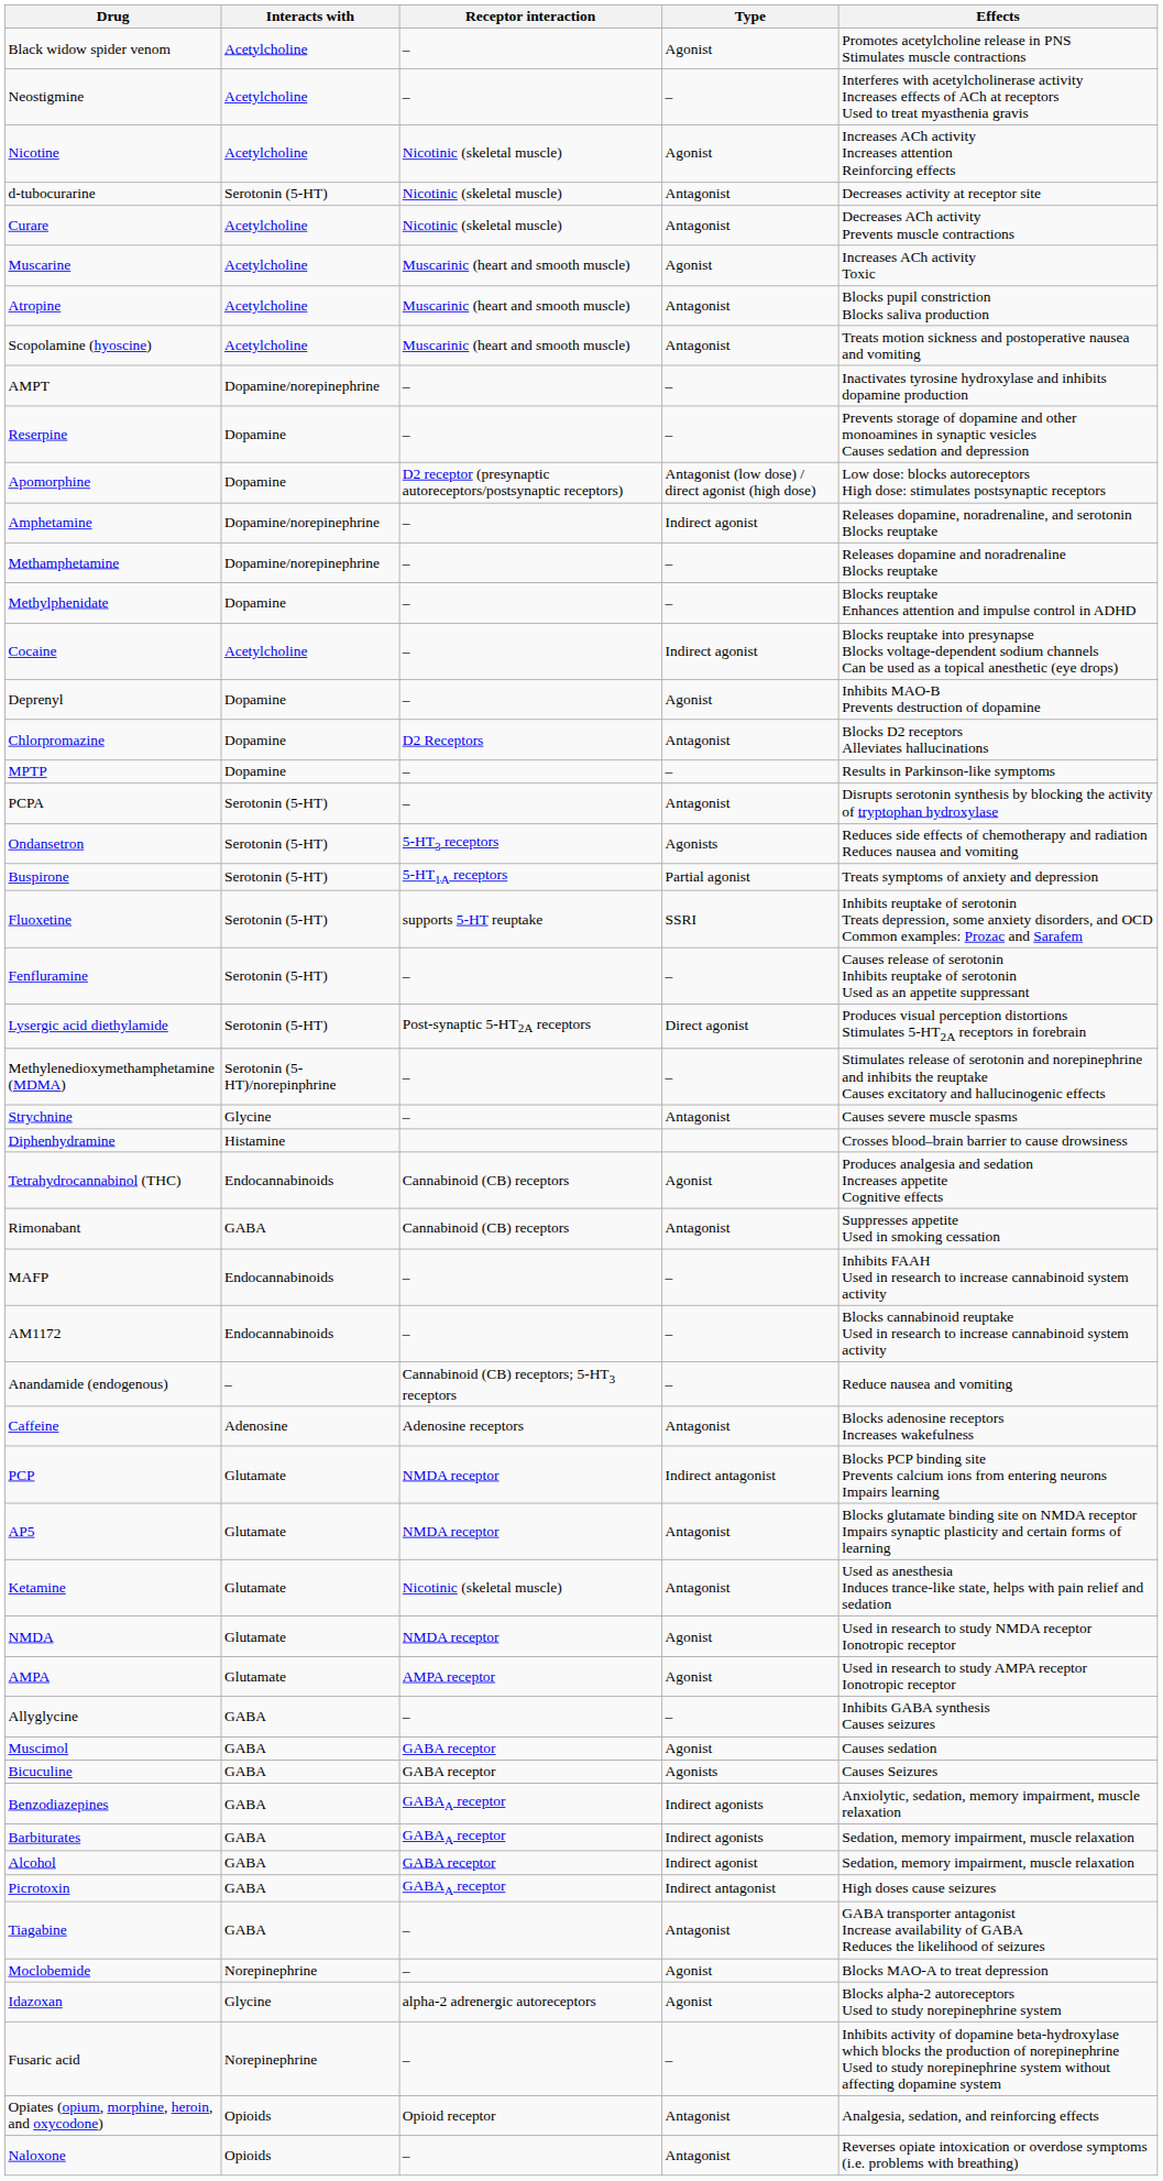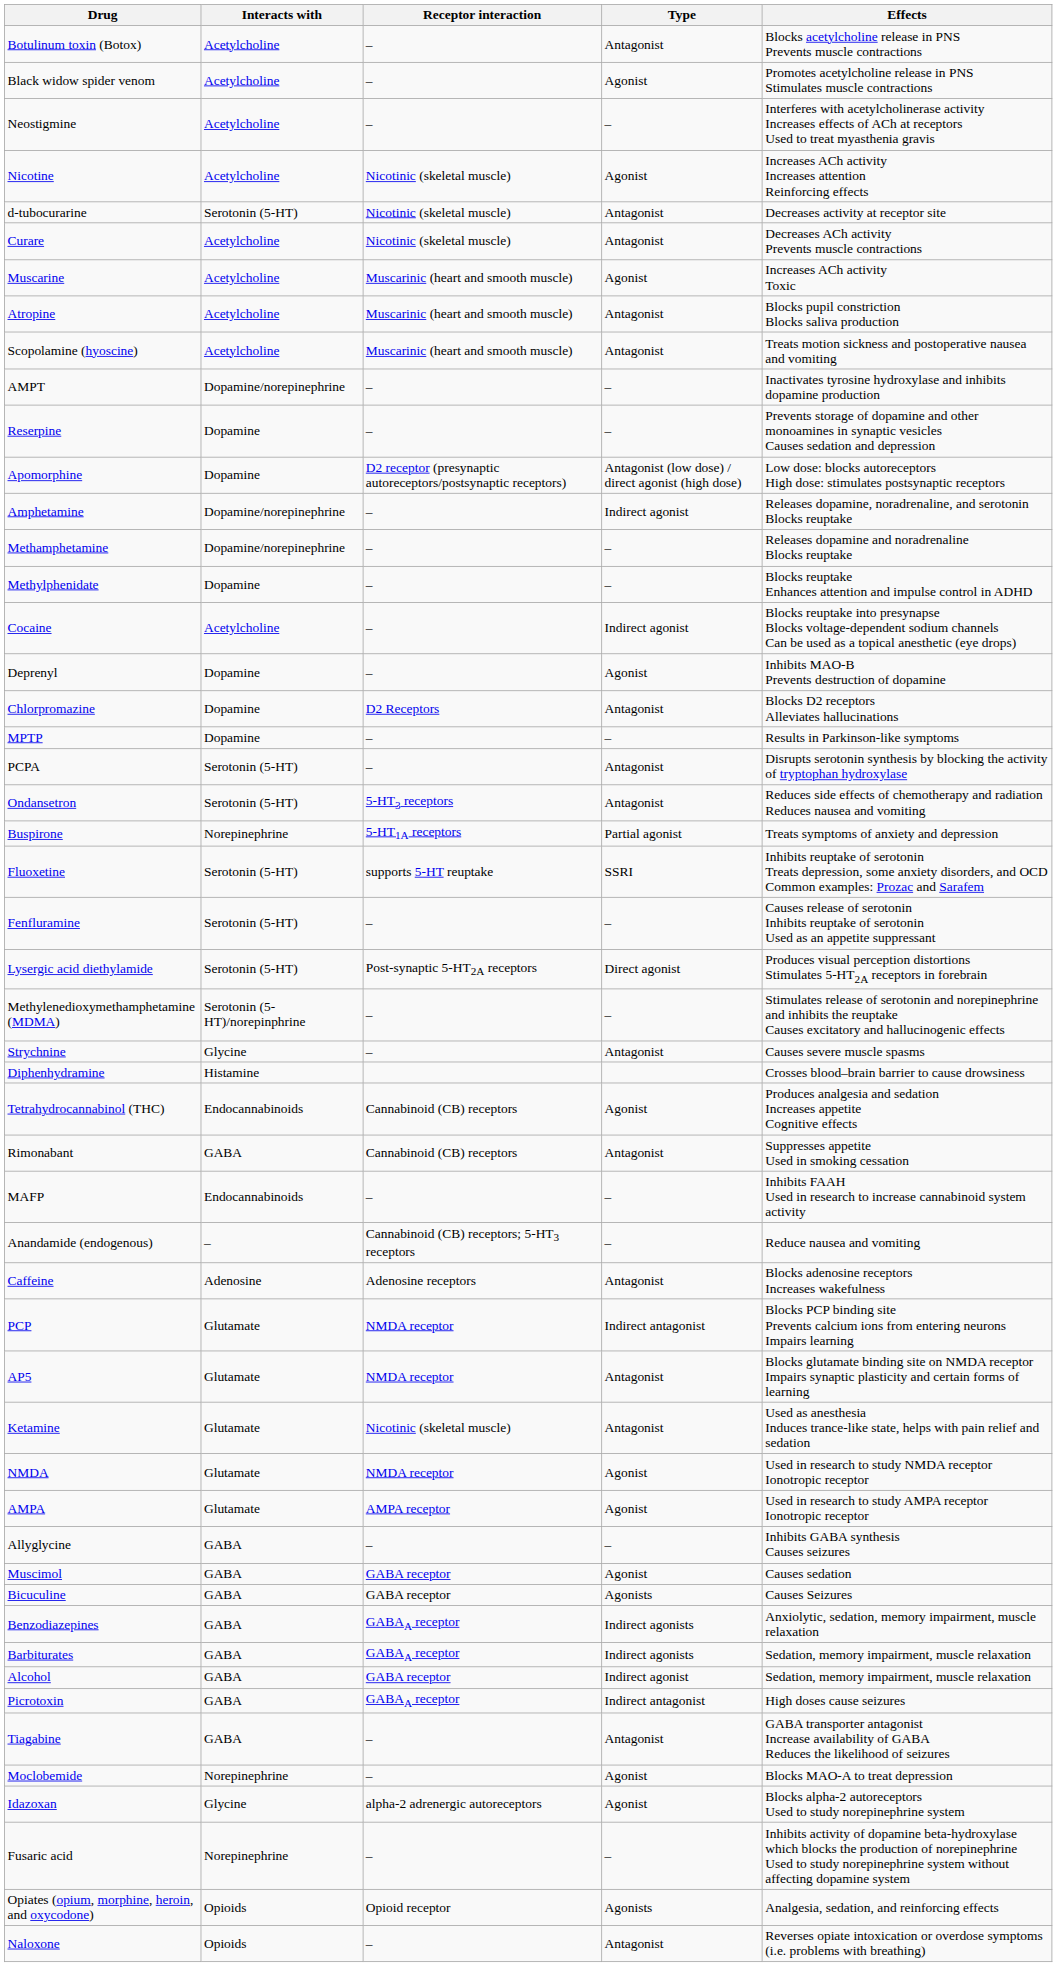 <table class="wikitable sortable">
 <tr>
 <th>Drug</th>
 <th>Interacts with</th>
 <th>Receptor interaction</th>
 <th>Type</th>
 <th>Effects</th>
+</tr>
+<tr>
+<td><a href='#'>Botulinum toxin</a> (Botox)</td>
+<td><a href='#'>Acetylcholine</a></td>
+<td>–</td>
+<td>Antagonist</td>
+<td>Blocks <a href='#'>acetylcholine</a> release in PNS<br>Prevents muscle contractions</td>
 </tr>
 <tr>
 <td>Black widow spider venom</td>
 <td><a href='#'>Acetylcholine</a></td>
 <td>–</td>
 <td>Agonist</td>
 <td>Promotes acetylcholine release in PNS<br>Stimulates muscle contractions</td>
 </tr>
 <tr>
 <td>Neostigmine</td>
 <td><a href='#'>Acetylcholine</a></td>
 <td>–</td>
 <td>–</td>
 <td>Interferes with acetylcholinerase activity<br>Increases effects of ACh at receptors<br>Used to treat myasthenia gravis</td>
 </tr>
 <tr>
 <td><a href='#'>Nicotine</a></td>
 <td><a href='#'>Acetylcholine</a></td>
 <td><a href='#'>Nicotinic</a> (skeletal muscle)</td>
 <td>Agonist</td>
 <td>Increases ACh activity<br>Increases attention<br>Reinforcing effects</td>
 </tr>
 <tr>
 <td>d-tubocurarine</td>
 <td>Serotonin (5-HT)</td>
 <td><a href='#'>Nicotinic</a> (skeletal muscle)</td>
 <td>Antagonist</td>
 <td>Decreases activity at receptor site</td>
 </tr>
 <tr>
 <td><a href='#'>Curare</a></td>
 <td><a href='#'>Acetylcholine</a></td>
 <td><a href='#'>Nicotinic</a> (skeletal muscle)</td>
 <td>Antagonist</td>
 <td>Decreases ACh activity<br>Prevents muscle contractions</td>
 </tr>
 <tr>
 <td><a href='#'>Muscarine</a></td>
 <td><a href='#'>Acetylcholine</a></td>
 <td><a href='#'>Muscarinic</a> (heart and smooth muscle)</td>
 <td>Agonist</td>
 <td>Increases ACh activity<br>Toxic</td>
 </tr>
 <tr>
 <td><a href='#'>Atropine</a></td>
 <td><a href='#'>Acetylcholine</a></td>
 <td><a href='#'>Muscarinic</a> (heart and smooth muscle)</td>
 <td>Antagonist</td>
 <td>Blocks pupil constriction<br>Blocks saliva production</td>
 </tr>
 <tr>
 <td>Scopolamine (<a href='#'>hyoscine</a>)</td>
 <td><a href='#'>Acetylcholine</a></td>
 <td><a href='#'>Muscarinic</a> (heart and smooth muscle)</td>
 <td>Antagonist</td>
 <td>Treats motion sickness and postoperative nausea and vomiting</td>
 </tr>
 <tr>
 <td>AMPT</td>
 <td>Dopamine/norepinephrine</td>
 <td>–</td>
 <td>–</td>
 <td>Inactivates tyrosine hydroxylase and inhibits dopamine production</td>
 </tr>
 <tr>
 <td><a href='#'>Reserpine</a></td>
 <td>Dopamine</td>
 <td>–</td>
 <td>–</td>
 <td>Prevents storage of dopamine and other monoamines in synaptic vesicles<br>Causes sedation and depression</td>
 </tr>
 <tr>
 <td><a href='#'>Apomorphine</a></td>
 <td>Dopamine</td>
 <td><a href='#'>D2 receptor</a> (presynaptic autoreceptors/postsynaptic receptors)</td>
 <td>Antagonist (low dose) / direct agonist (high dose)</td>
 <td>Low dose: blocks autoreceptors<br>High dose: stimulates postsynaptic receptors</td>
 </tr>
 <tr>
 <td><a href='#'>Amphetamine</a></td>
 <td>Dopamine/norepinephrine</td>
 <td>–</td>
 <td>Indirect agonist</td>
 <td>Releases dopamine, noradrenaline, and serotonin<br>Blocks reuptake</td>
 </tr>
 <tr>
 <td><a href='#'>Methamphetamine</a></td>
 <td>Dopamine/norepinephrine</td>
 <td>–</td>
 <td>–</td>
 <td>Releases dopamine and noradrenaline<br>Blocks reuptake</td>
 </tr>
 <tr>
 <td><a href='#'>Methylphenidate</a></td>
 <td>Dopamine</td>
 <td>–</td>
 <td>–</td>
 <td>Blocks reuptake<br>Enhances attention and impulse control in ADHD</td>
 </tr>
 <tr>
 <td><a href='#'>Cocaine</a></td>
 <td><a href='#'>Acetylcholine</a></td>
 <td>–</td>
 <td>Indirect agonist</td>
 <td>Blocks reuptake into presynapse<br>Blocks voltage-dependent sodium channels<br>Can be used as a topical anesthetic (eye drops)</td>
 </tr>
 <tr>
 <td>Deprenyl</td>
 <td>Dopamine</td>
 <td>–</td>
 <td>Agonist</td>
 <td>Inhibits MAO-B<br>Prevents destruction of dopamine</td>
 </tr>
 <tr>
 <td><a href='#'>Chlorpromazine</a></td>
 <td>Dopamine</td>
 <td><a href='#'>D2 Receptors</a></td>
 <td>Antagonist</td>
 <td>Blocks D2 receptors<br>Alleviates hallucinations</td>
 </tr>
 <tr>
 <td><a href='#'>MPTP</a></td>
 <td>Dopamine</td>
 <td>–</td>
 <td>–</td>
 <td>Results in Parkinson-like symptoms</td>
 </tr>
 <tr>
 <td>PCPA</td>
 <td>Serotonin (5-HT)</td>
 <td>–</td>
 <td>Antagonist</td>
 <td>Disrupts serotonin synthesis by blocking the activity of <a href='#'>tryptophan hydroxylase</a></td>
 </tr>
 <tr>
 <td><a href='#'>Ondansetron</a></td>
 <td>Serotonin (5-HT)</td>
 <td><a href='#'>5-HT<sub>3</sub> receptors</a></td>
-<td>Agonists</td>
+<td>Antagonist</td>
 <td>Reduces side effects of chemotherapy and radiation<br>Reduces nausea and vomiting</td>
 </tr>
 <tr>
 <td><a href='#'>Buspirone</a></td>
-<td>Serotonin (5-HT)</td>
+<td>Norepinephrine</td>
 <td><a href='#'>5-HT<sub>1A</sub> receptors</a></td>
 <td>Partial agonist</td>
 <td>Treats symptoms of anxiety and depression</td>
 </tr>
 <tr>
 <td><a href='#'>Fluoxetine</a></td>
 <td>Serotonin (5-HT)</td>
 <td>supports <a href='#'>5-HT</a> reuptake</td>
 <td>SSRI</td>
 <td>Inhibits reuptake of serotonin<br>Treats depression, some anxiety disorders, and OCD Common examples: <a href='#'>Prozac</a> and <a href='#'>Sarafem</a></td>
 </tr>
 <tr>
 <td><a href='#'>Fenfluramine</a></td>
 <td>Serotonin (5-HT)</td>
 <td>–</td>
 <td>–</td>
 <td>Causes release of serotonin<br>Inhibits reuptake of serotonin<br>Used as an appetite suppressant</td>
 </tr>
 <tr>
 <td><a href='#'>Lysergic acid diethylamide</a></td>
 <td>Serotonin (5-HT)</td>
 <td>Post-synaptic 5-HT<sub>2A</sub> receptors</td>
 <td>Direct agonist</td>
 <td>Produces visual perception distortions<br>Stimulates 5-HT<sub>2A</sub> receptors in forebrain</td>
 </tr>
 <tr>
 <td>Methylenedioxy­methamphetamine (<a href='#'>MDMA</a>)</td>
 <td>Serotonin (5-HT)/norepinphrine</td>
 <td>–</td>
 <td>–</td>
 <td>Stimulates release of serotonin and norepinephrine and inhibits the reuptake<br>Causes excitatory and hallucinogenic effects</td>
 </tr>
 <tr>
 <td><a href='#'>Strychnine</a></td>
 <td>Glycine</td>
 <td>–</td>
 <td>Antagonist</td>
 <td>Causes severe muscle spasms</td>
 </tr>
 <tr>
 <td><a href='#'>Diphenhydramine</a></td>
 <td>Histamine</td>
 <td></td>
 <td></td>
 <td>Crosses blood–brain barrier to cause drowsiness</td>
 </tr>
 <tr>
 <td><a href='#'>Tetrahydrocannabinol</a> (THC)</td>
 <td>Endocannabinoids</td>
 <td>Cannabinoid (CB) receptors</td>
 <td>Agonist</td>
 <td>Produces analgesia and sedation<br>Increases appetite<br>Cognitive effects</td>
 </tr>
 <tr>
 <td>Rimonabant</td>
 <td>GABA</td>
 <td>Cannabinoid (CB) receptors</td>
 <td>Antagonist</td>
 <td>Suppresses appetite<br>Used in smoking cessation</td>
 </tr>
 <tr>
 <td>MAFP</td>
 <td>Endocannabinoids</td>
 <td>–</td>
 <td>–</td>
 <td>Inhibits FAAH<br>Used in research to increase cannabinoid system activity</td>
-</tr>
-<tr>
-<td>AM1172</td>
-<td>Endocannabinoids</td>
-<td>–</td>
-<td>–</td>
-<td>Blocks cannabinoid reuptake<br>Used in research to increase cannabinoid system activity</td>
 </tr>
 <tr>
 <td>Anandamide (endogenous)</td>
 <td>–</td>
 <td>Cannabinoid (CB) receptors; 5-HT<sub>3</sub> receptors</td>
 <td>–</td>
 <td>Reduce nausea and vomiting</td>
 </tr>
 <tr>
 <td><a href='#'>Caffeine</a></td>
 <td>Adenosine</td>
 <td>Adenosine receptors</td>
 <td>Antagonist</td>
 <td>Blocks adenosine receptors<br>Increases wakefulness</td>
 </tr>
 <tr>
 <td><a href='#'>PCP</a></td>
 <td>Glutamate</td>
 <td><a href='#'>NMDA receptor</a></td>
 <td>Indirect antagonist</td>
 <td>Blocks PCP binding site<br>Prevents calcium ions from entering neurons<br>Impairs learning</td>
 </tr>
 <tr>
 <td><a href='#'>AP5</a></td>
 <td>Glutamate</td>
 <td><a href='#'>NMDA receptor</a></td>
 <td>Antagonist</td>
 <td>Blocks glutamate binding site on NMDA receptor<br>Impairs synaptic plasticity and certain forms of learning</td>
 </tr>
 <tr>
 <td><a href='#'>Ketamine</a></td>
 <td>Glutamate</td>
 <td><a href='#'>Nicotinic</a> (skeletal muscle)</td>
 <td>Antagonist</td>
 <td>Used as anesthesia<br>Induces trance-like state, helps with pain relief and sedation</td>
 </tr>
 <tr>
 <td><a href='#'>NMDA</a></td>
 <td>Glutamate</td>
 <td><a href='#'>NMDA receptor</a></td>
 <td>Agonist</td>
 <td>Used in research to study NMDA receptor<br>Ionotropic receptor</td>
 </tr>
 <tr>
 <td><a href='#'>AMPA</a></td>
 <td>Glutamate</td>
 <td><a href='#'>AMPA receptor</a></td>
 <td>Agonist</td>
 <td>Used in research to study AMPA receptor<br>Ionotropic receptor</td>
 </tr>
 <tr>
 <td>Allyglycine</td>
 <td>GABA</td>
 <td>–</td>
 <td>–</td>
 <td>Inhibits GABA synthesis<br>Causes seizures</td>
 </tr>
 <tr>
 <td><a href='#'>Muscimol</a></td>
 <td>GABA</td>
 <td><a href='#'>GABA receptor</a></td>
 <td>Agonist</td>
 <td>Causes sedation</td>
 </tr>
 <tr>
 <td><a href='#'>Bicuculine</a></td>
 <td>GABA</td>
 <td>GABA receptor</td>
 <td>Agonists</td>
 <td>Causes Seizures</td>
 </tr>
 <tr>
 <td><a href='#'>Benzodiazepines</a></td>
 <td>GABA</td>
 <td><a href='#'>GABA<sub>A</sub> receptor</a></td>
 <td>Indirect agonists</td>
 <td>Anxiolytic, sedation, memory impairment, muscle relaxation</td>
 </tr>
 <tr>
 <td><a href='#'>Barbiturates</a></td>
 <td>GABA</td>
 <td><a href='#'>GABA<sub>A</sub> receptor</a></td>
 <td>Indirect agonists</td>
 <td>Sedation, memory impairment, muscle relaxation</td>
 </tr>
 <tr>
 <td><a href='#'>Alcohol</a></td>
 <td>GABA</td>
 <td><a href='#'>GABA receptor</a></td>
 <td>Indirect agonist</td>
 <td>Sedation, memory impairment, muscle relaxation</td>
 </tr>
 <tr>
 <td><a href='#'>Picrotoxin</a></td>
 <td>GABA</td>
 <td><a href='#'>GABA<sub>A</sub> receptor</a></td>
 <td>Indirect antagonist</td>
 <td>High doses cause seizures</td>
 </tr>
 <tr>
 <td><a href='#'>Tiagabine</a></td>
 <td>GABA</td>
 <td>–</td>
 <td>Antagonist</td>
 <td>GABA transporter antagonist<br>Increase availability of GABA<br>Reduces the likelihood of seizures</td>
 </tr>
 <tr>
 <td><a href='#'>Moclobemide</a></td>
 <td>Norepinephrine</td>
 <td>–</td>
 <td>Agonist</td>
 <td>Blocks MAO-A to treat depression</td>
 </tr>
 <tr>
 <td><a href='#'>Idazoxan</a></td>
 <td>Glycine</td>
 <td>alpha-2 adrenergic autoreceptors</td>
 <td>Agonist</td>
 <td>Blocks alpha-2 autoreceptors<br>Used to study norepinephrine system</td>
 </tr>
 <tr>
 <td>Fusaric acid</td>
 <td>Norepinephrine</td>
 <td>–</td>
 <td>–</td>
 <td>Inhibits activity of dopamine beta-hydroxylase which blocks the production of norepinephrine<br>Used to study norepinephrine system without affecting dopamine system</td>
 </tr>
 <tr>
 <td>Opiates (<a href='#'>opium</a>, <a href='#'>morphine</a>, <a href='#'>heroin</a>, and <a href='#'>oxycodone</a>)</td>
 <td>Opioids</td>
 <td>Opioid receptor</td>
-<td>Antagonist</td>
+<td>Agonists</td>
 <td>Analgesia, sedation, and reinforcing effects</td>
 </tr>
 <tr>
 <td><a href='#'>Naloxone</a></td>
 <td>Opioids</td>
 <td>–</td>
 <td>Antagonist</td>
 <td>Reverses opiate intoxication or overdose symptoms (i.e. problems with breathing)</td>
 </tr>
 </table>
